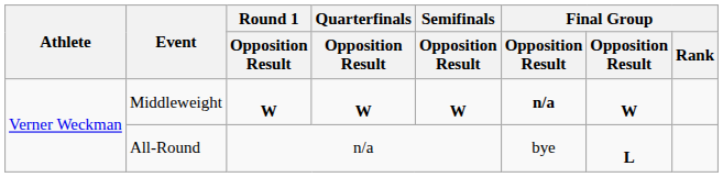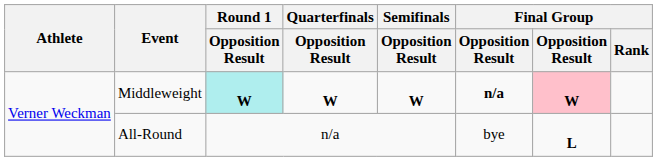 <table class=wikitable style="font-size:85%">
 <tr>
 <th rowspan=2>Athlete</th>
 <th rowspan=2>Event</th>
 <th>Round 1</th>
 <th>Quarterfinals</th>
 <th>Semifinals</th>
 <th colspan=3>Final Group</th>
 </tr>
 <tr>
 <th>Opposition<br>Result</th>
 <th>Opposition<br>Result</th>
 <th>Opposition<br>Result</th>
 <th>Opposition<br>Result</th>
 <th>Opposition<br>Result</th>
 <th>Rank</th>
 </tr>
 <tr>
 <td rowspan=2><a href='#'>Verner Weckman</a></td>
 <td>Middleweight</td>
-<td align=center><br><strong>W</strong></td>
+<td align=center style="background: paleturquoise;"><br><strong>W</strong></td>
 <td align=center><br><strong>W</strong></td>
 <td align=center><br><strong>W</strong></td>
 <td align=center><strong>n/a</strong></td>
-<td align=center><br><strong>W</strong></td>
+<td align=center style="background: pink;"><br><strong>W</strong></td>
 <td align=center></td>
 </tr>
 <tr>
 <td>All-Round</td>
 <td align=center colspan=3>n/a</td>
 <td align=center>bye</td>
 <td align=center><br><strong>L</strong></td>
 <td align=center></td>
 </tr>
 </table>
